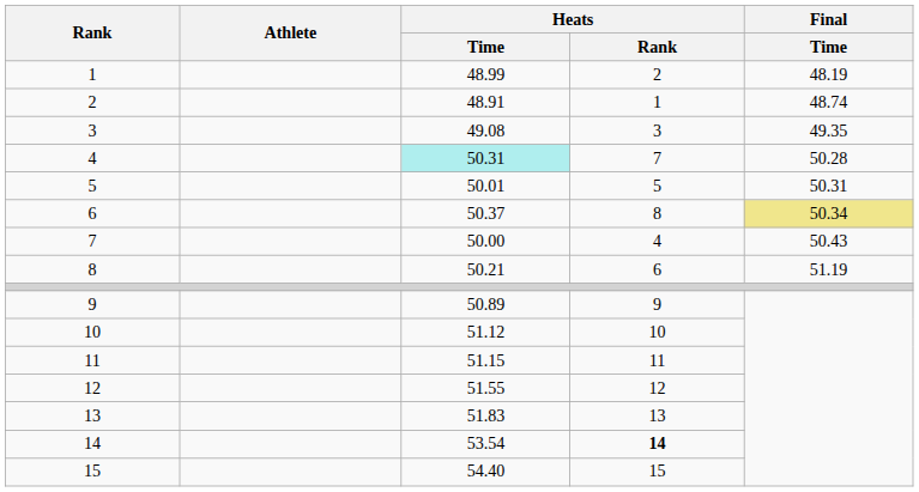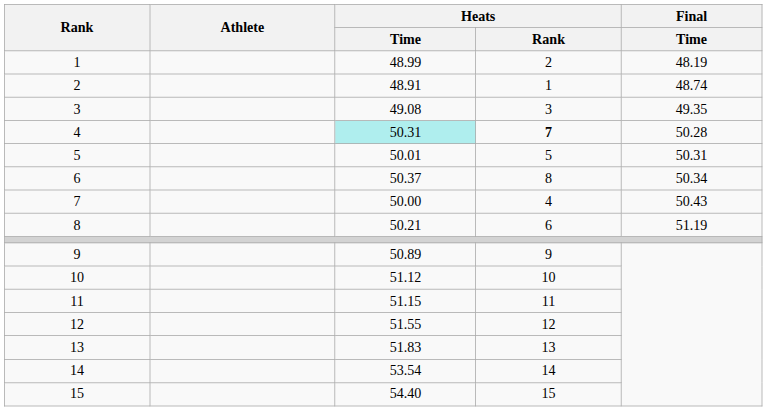 <table class="wikitable" style=" text-align:center; font-size:110%;" width="75%">
 <tr>
 <th rowspan="2">Rank</th>
 <th rowspan="2">Athlete</th>
 <th colspan="2">Heats</th>
 <th>Final</th>
 </tr>
 <tr>
 <th>Time</th>
 <th>Rank</th>
 <th>Time</th>
 </tr>
 <tr>
 <td>1</td>
 <td align=left></td>
 <td>48.99</td>
 <td>2</td>
 <td>48.19</td>
 </tr>
 <tr>
 <td>2</td>
 <td align=left></td>
 <td>48.91</td>
 <td>1</td>
 <td>48.74</td>
 </tr>
 <tr>
 <td>3</td>
 <td align=left></td>
 <td>49.08</td>
 <td>3</td>
 <td>49.35</td>
 </tr>
 <tr>
 <td>4</td>
 <td align=left></td>
 <td style="background: paleturquoise;">50.31</td>
-<td>7</td>
+<td><strong>7</strong></td>
 <td>50.28</td>
 </tr>
 <tr>
 <td>5</td>
 <td align=left></td>
 <td>50.01</td>
 <td>5</td>
 <td>50.31</td>
 </tr>
 <tr>
 <td>6</td>
 <td align=left></td>
 <td>50.37</td>
 <td>8</td>
-<td style="background: khaki;">50.34</td>
+<td>50.34</td>
 </tr>
 <tr>
 <td>7</td>
 <td align=left></td>
 <td>50.00</td>
 <td>4</td>
 <td>50.43</td>
 </tr>
 <tr>
 <td>8</td>
 <td align=left></td>
 <td>50.21</td>
 <td>6</td>
 <td>51.19</td>
 </tr>
 <tr>
 <td colspan=5 bgcolor=lightgray></td>
 </tr>
 <tr>
 <td>9</td>
 <td align=left></td>
 <td>50.89</td>
 <td>9</td>
 </tr>
 <tr>
 <td>10</td>
 <td align=left></td>
 <td>51.12</td>
 <td>10</td>
 </tr>
 <tr>
 <td>11</td>
 <td align=left></td>
 <td>51.15 </td>
 <td>11</td>
 </tr>
 <tr>
 <td>12</td>
 <td align=left></td>
 <td>51.55 </td>
 <td>12</td>
 </tr>
 <tr>
 <td>13</td>
 <td align=left></td>
 <td>51.83</td>
 <td>13</td>
 </tr>
 <tr>
 <td>14</td>
 <td align=left></td>
 <td>53.54</td>
-<td><strong>14</strong></td>
+<td>14</td>
 </tr>
 <tr>
 <td>15</td>
 <td align=left></td>
 <td>54.40</td>
 <td>15</td>
 </tr>
 </table>
